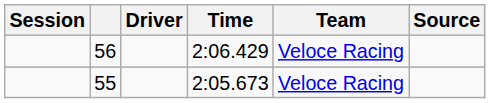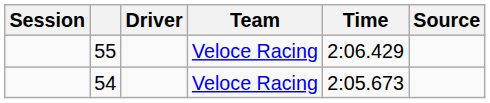 <table class="wikitable" style="font-size: 85%">
 <tr>
 <th>Session</th>
 <th></th>
 <th>Driver</th>
+<th>Team</th>
 <th>Time</th>
-<th>Team</th>
 <th>Source</th>
-</tr>
-<tr>
-<td></td>
-<td align=center>56</td>
-<td></td>
-<td>2:06.429</td>
-<td><a href='#'>Veloce Racing</a></td>
-<td align=center></td>
 </tr>
 <tr>
 <td></td>
 <td align=center>55</td>
 <td></td>
+<td><a href='#'>Veloce Racing</a></td>
+<td>2:06.429</td>
+<td align=center></td>
+</tr>
+<tr>
+<td></td>
+<td align=center>54</td>
+<td></td>
+<td><a href='#'>Veloce Racing</a></td>
 <td>2:05.673</td>
-<td><a href='#'>Veloce Racing</a></td>
 <td align=center></td>
 </tr>
 </table>
